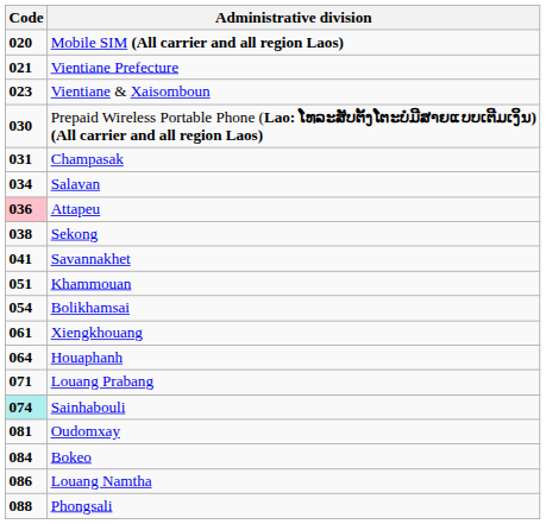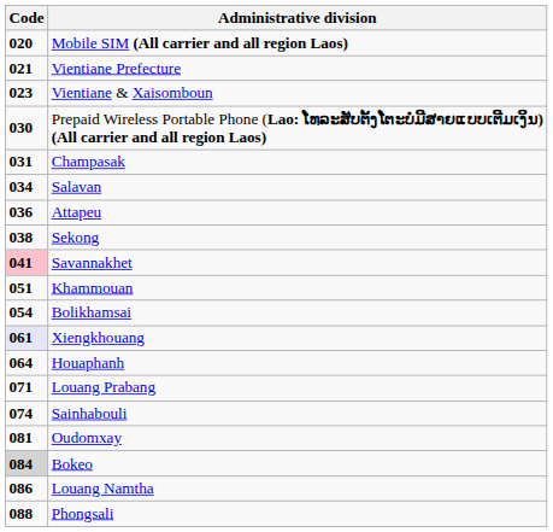 <table class=wikitable>
 <tr>
 <th>Code</th>
 <th>Administrative division</th>
 </tr>
 <tr>
 <td><strong>020</strong></td>
 <td><a href='#'>Mobile SIM</a> <strong>(All carrier and all region Laos)</strong></td>
 </tr>
 <tr>
 <td><strong>021</strong></td>
 <td><a href='#'>Vientiane Prefecture</a></td>
 </tr>
 <tr>
 <td><strong>023</strong></td>
 <td><a href='#'>Vientiane</a> & <a href='#'>Xaisomboun</a></td>
 </tr>
 <tr>
 <td><strong>030</strong></td>
 <td>Prepaid Wireless Portable Phone (<strong>Lao: ໂທລະສັບຕັ້ງໂຕະບໍ່ມີສາຍແບບເຕີມເງິນ)</strong><br><strong>(All carrier and all region Laos)</strong></td>
 </tr>
 <tr>
 <td><strong>031</strong></td>
 <td><a href='#'>Champasak</a></td>
 </tr>
 <tr>
 <td><strong>034</strong></td>
 <td><a href='#'>Salavan</a></td>
 </tr>
 <tr>
-<td style="background: pink;"><strong>036</strong></td>
+<td><strong>036</strong></td>
 <td><a href='#'>Attapeu</a></td>
 </tr>
 <tr>
 <td><strong>038</strong></td>
 <td><a href='#'>Sekong</a></td>
 </tr>
 <tr>
-<td><strong>041</strong></td>
+<td style="background: pink;"><strong>041</strong></td>
 <td><a href='#'>Savannakhet</a></td>
 </tr>
 <tr>
 <td><strong>051</strong></td>
 <td><a href='#'>Khammouan</a></td>
 </tr>
 <tr>
 <td><strong>054</strong></td>
 <td><a href='#'>Bolikhamsai</a></td>
 </tr>
 <tr>
-<td><strong>061</strong></td>
+<td style="background: lavender;"><strong>061</strong></td>
 <td><a href='#'>Xiengkhouang</a></td>
 </tr>
 <tr>
 <td><strong>064</strong></td>
 <td><a href='#'>Houaphanh</a></td>
 </tr>
 <tr>
 <td><strong>071</strong></td>
 <td><a href='#'>Louang Prabang</a></td>
 </tr>
 <tr>
-<td style="background: paleturquoise;"><strong>074</strong></td>
+<td><strong>074</strong></td>
 <td><a href='#'>Sainhabouli</a></td>
 </tr>
 <tr>
 <td><strong>081</strong></td>
 <td><a href='#'>Oudomxay</a></td>
 </tr>
 <tr>
-<td><strong>084</strong></td>
+<td style="background: lightgrey;"><strong>084</strong></td>
 <td><a href='#'>Bokeo</a></td>
 </tr>
 <tr>
 <td><strong>086</strong></td>
 <td><a href='#'>Louang Namtha</a></td>
 </tr>
 <tr>
 <td><strong>088</strong></td>
 <td><a href='#'>Phongsali</a></td>
 </tr>
 </table>
